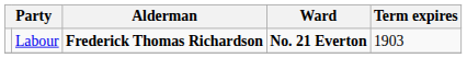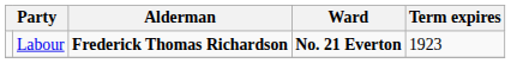 <table class="wikitable">
 <tr>
 <th colspan="2">Party</th>
 <th>Alderman</th>
 <th>Ward</th>
 <th>Term expires</th>
 </tr>
 <tr>
 <td style="background-color:"></td>
 <td><a href='#'>Labour</a></td>
 <td><strong>Frederick Thomas Richardson</strong></td>
 <td><strong>No. 21 Everton</strong></td>
-<td>1903</td>
+<td>1923</td>
 </tr>
 <tr>
 </tr>
 </table>
